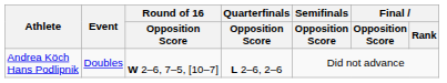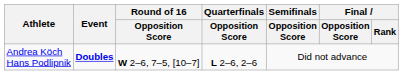 <table class=wikitable style="font-size:90%">
 <tr>
 <th rowspan="2">Athlete</th>
 <th rowspan="2">Event</th>
 <th>Round of 16</th>
 <th>Quarterfinals</th>
 <th>Semifinals</th>
 <th colspan=2>Final / </th>
 </tr>
 <tr style="font-size:95%">
 <th>Opposition<br>Score</th>
 <th>Opposition<br>Score</th>
 <th>Opposition<br>Score</th>
 <th>Opposition<br>Score</th>
 <th>Rank</th>
 </tr>
 <tr align=center>
 <td align=left><a href='#'>Andrea Köch</a><br><a href='#'>Hans Podlipnik</a></td>
-<td><a href='#'>Doubles</a></td>
+<td><strong><a href='#'>Doubles</a></strong></td>
 <td><br><strong>W</strong> 2–6, 7–5, [10–7]</td>
 <td><br><strong>L</strong> 2–6, 2–6</td>
 <td colspan=3>Did not advance</td>
 </tr>
 </table>
